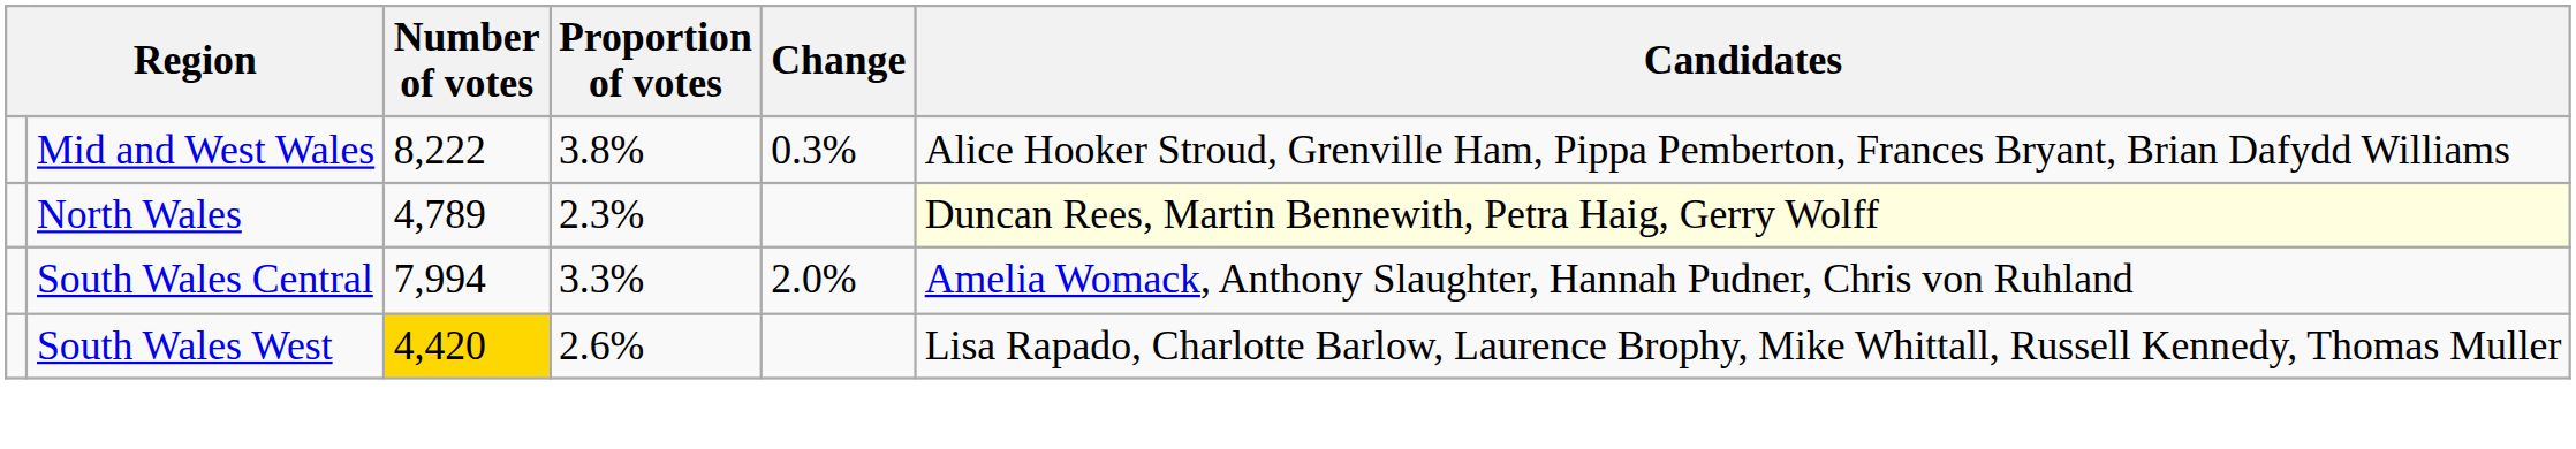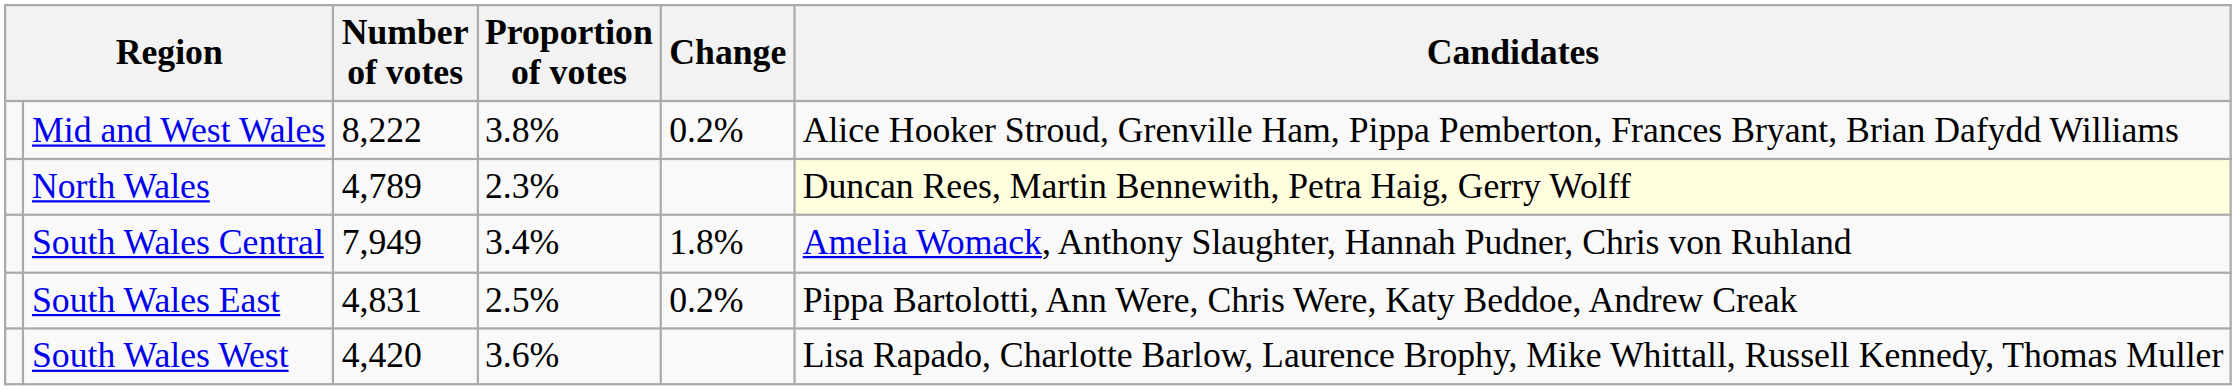 <table class="wikitable">
 <tr>
 <th colspan="2">Region</th>
 <th>Number<br>of votes</th>
 <th>Proportion<br>of votes</th>
 <th>Change</th>
 <th>Candidates</th>
 </tr>
 <tr>
 <td width="1" style="color:inherit;background:"></td>
 <td><a href='#'>Mid and West Wales</a></td>
 <td>8,222</td>
 <td>3.8%</td>
-<td> 0.3%</td>
+<td> 0.2%</td>
 <td>Alice Hooker Stroud, Grenville Ham, Pippa Pemberton, Frances Bryant, Brian Dafydd Williams</td>
 </tr>
 <tr>
 <td style="color:inherit;background:"></td>
 <td><a href='#'>North Wales</a></td>
 <td>4,789</td>
 <td>2.3%</td>
 <td></td>
 <td style="background: lightyellow;">Duncan Rees, Martin Bennewith, Petra Haig, Gerry Wolff</td>
 </tr>
 <tr>
 <td style="color:inherit;background:"></td>
 <td><a href='#'>South Wales Central</a></td>
-<td>7,994</td>
-<td>3.3%</td>
-<td> 2.0%</td>
+<td>7,949</td>
+<td>3.4%</td>
+<td> 1.8%</td>
 <td><a href='#'>Amelia Womack</a>, Anthony Slaughter, Hannah Pudner, Chris von Ruhland</td>
 </tr>
 <tr>
 <td style="color:inherit;background:"></td>
+<td><a href='#'>South Wales East</a></td>
+<td>4,831</td>
+<td>2.5%</td>
+<td> 0.2%</td>
+<td>Pippa Bartolotti, Ann Were, Chris Were, Katy Beddoe, Andrew Creak</td>
+</tr>
+<tr>
+<td style="color:inherit;background:"></td>
 <td><a href='#'>South Wales West</a></td>
-<td style="background: gold;">4,420</td>
-<td>2.6%</td>
+<td>4,420</td>
+<td>3.6%</td>
 <td></td>
 <td>Lisa Rapado, Charlotte Barlow, Laurence Brophy, Mike Whittall, Russell Kennedy, Thomas Muller</td>
 </tr>
 </table>
